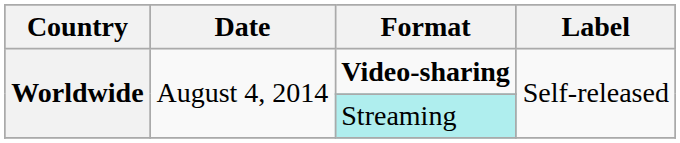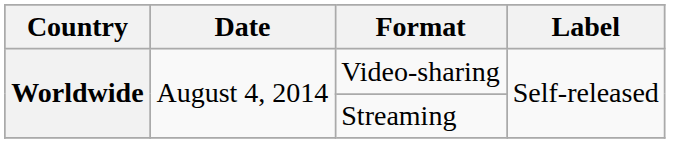 <table class="wikitable plainrowheaders">
 <tr>
 <th scope="col">Country</th>
 <th scope="col">Date</th>
 <th scope="col">Format</th>
 <th scope="col">Label</th>
 </tr>
 <tr>
 <th scope="row" rowspan="2">Worldwide</th>
 <td rowspan="2">August 4, 2014</td>
-<td><strong>Video-sharing</strong></td>
+<td>Video-sharing</td>
 <td rowspan="2">Self-released</td>
 </tr>
 <tr>
-<td style="background: paleturquoise;">Streaming</td>
+<td>Streaming</td>
 </tr>
 </table>
